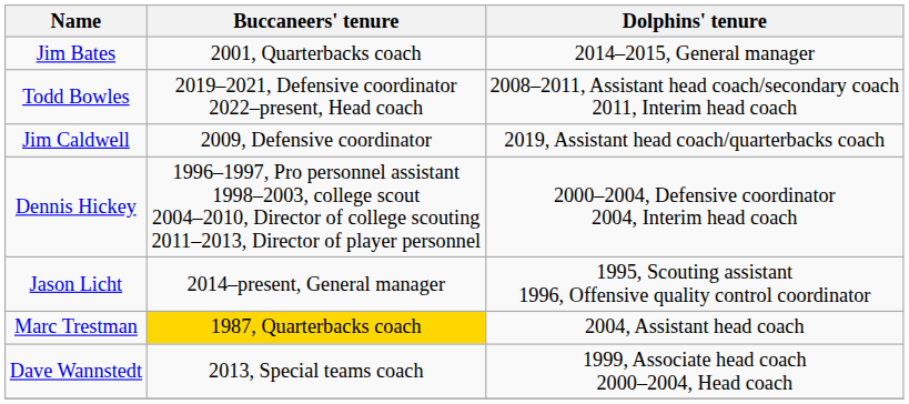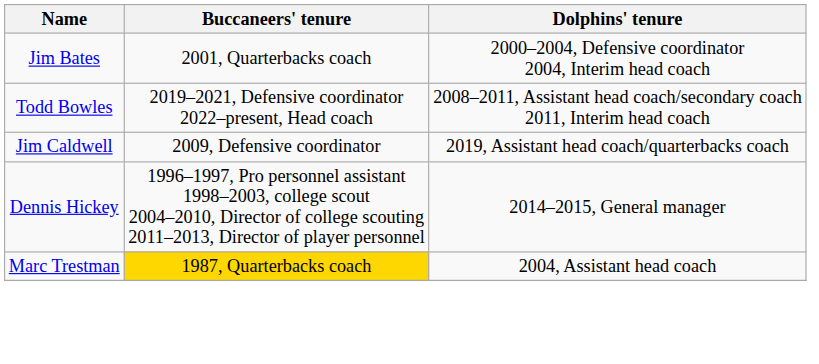 <table class="wikitable" style="text-align: center;">
 <tr>
 <th>Name</th>
 <th>Buccaneers' tenure</th>
 <th>Dolphins' tenure</th>
 </tr>
 <tr>
 <td><a href='#'>Jim Bates</a></td>
 <td>2001, Quarterbacks coach</td>
-<td>2014–2015, General manager</td>
+<td>2000–2004, Defensive coordinator<br>2004, Interim head coach</td>
 </tr>
 <tr>
 <td><a href='#'>Todd Bowles</a></td>
 <td>2019–2021, Defensive coordinator<br>2022–present, Head coach</td>
 <td>2008–2011, Assistant head coach/secondary coach<br>2011, Interim head coach</td>
 </tr>
 <tr>
 <td><a href='#'>Jim Caldwell</a></td>
 <td>2009, Defensive coordinator</td>
 <td>2019, Assistant head coach/quarterbacks coach</td>
 </tr>
 <tr>
 <td><a href='#'>Dennis Hickey</a></td>
 <td>1996–1997, Pro personnel assistant<br>1998–2003, college scout<br>2004–2010, Director of college scouting<br>2011–2013, Director of player personnel</td>
-<td>2000–2004, Defensive coordinator<br>2004, Interim head coach</td>
-</tr>
-<tr>
-<td><a href='#'>Jason Licht</a></td>
-<td>2014–present, General manager</td>
-<td>1995, Scouting assistant<br>1996, Offensive quality control coordinator</td>
+<td>2014–2015, General manager</td>
 </tr>
 <tr>
 <td><a href='#'>Marc Trestman</a></td>
 <td style="background: gold;">1987, Quarterbacks coach</td>
 <td>2004, Assistant head coach</td>
 </tr>
 <tr>
-<td><a href='#'>Dave Wannstedt</a></td>
-<td>2013, Special teams coach</td>
-<td>1999, Associate head coach<br>2000–2004, Head coach</td>
-</tr>
-<tr>
 </tr>
 </table>
